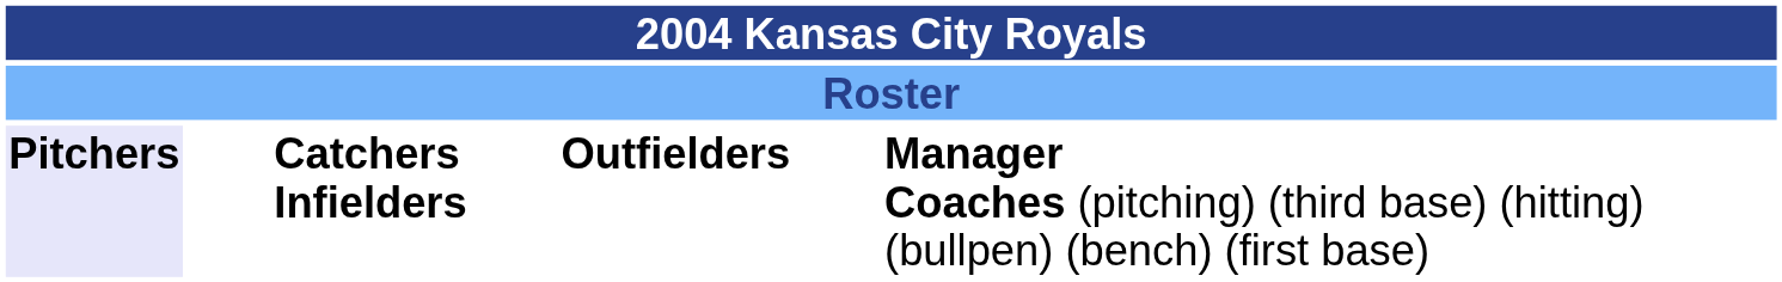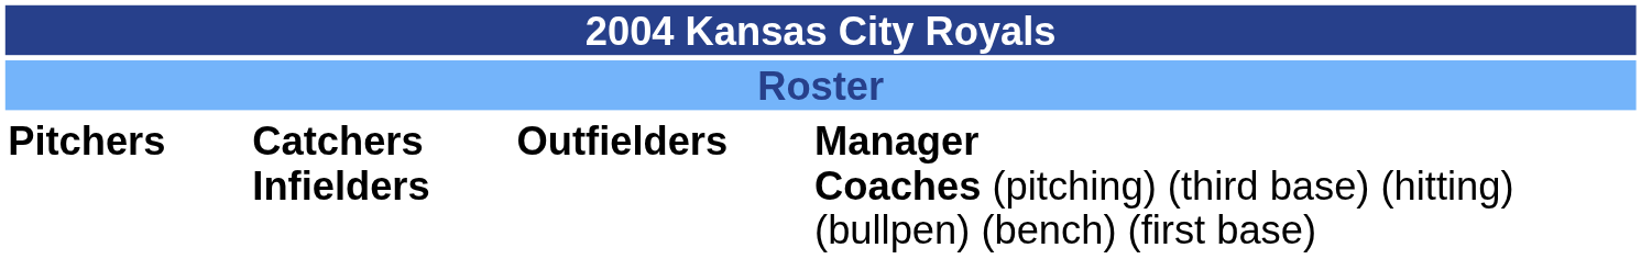 <table class="toccolours" style="font-size: 95%;">
 <tr>
 <th colspan="10" style="background-color: #27408B; color: #FFFFFF; text-align: center;">2004 Kansas City Royals</th>
 </tr>
 <tr>
 <td colspan="10" style="background-color: #74B4FA; color: #27408B; text-align: center;"><strong>Roster</strong></td>
 </tr>
 <tr>
-<td valign="top" style="background: lavender;"><strong>Pitchers</strong><br>                       </td>
+<td valign="top"><strong>Pitchers</strong><br>                       </td>
 <td width="25px"></td>
 <td valign="top"><strong>Catchers</strong><br>      <strong>Infielders</strong>             </td>
 <td width="25px"></td>
 <td valign="top"><strong>Outfielders</strong><br>             </td>
 <td width="25px"></td>
 <td valign="top"><strong>Manager</strong><br> <strong>Coaches</strong>  (pitching)  (third base)  (hitting)  (bullpen)  (bench)  (first base)</td>
 </tr>
 </table>
